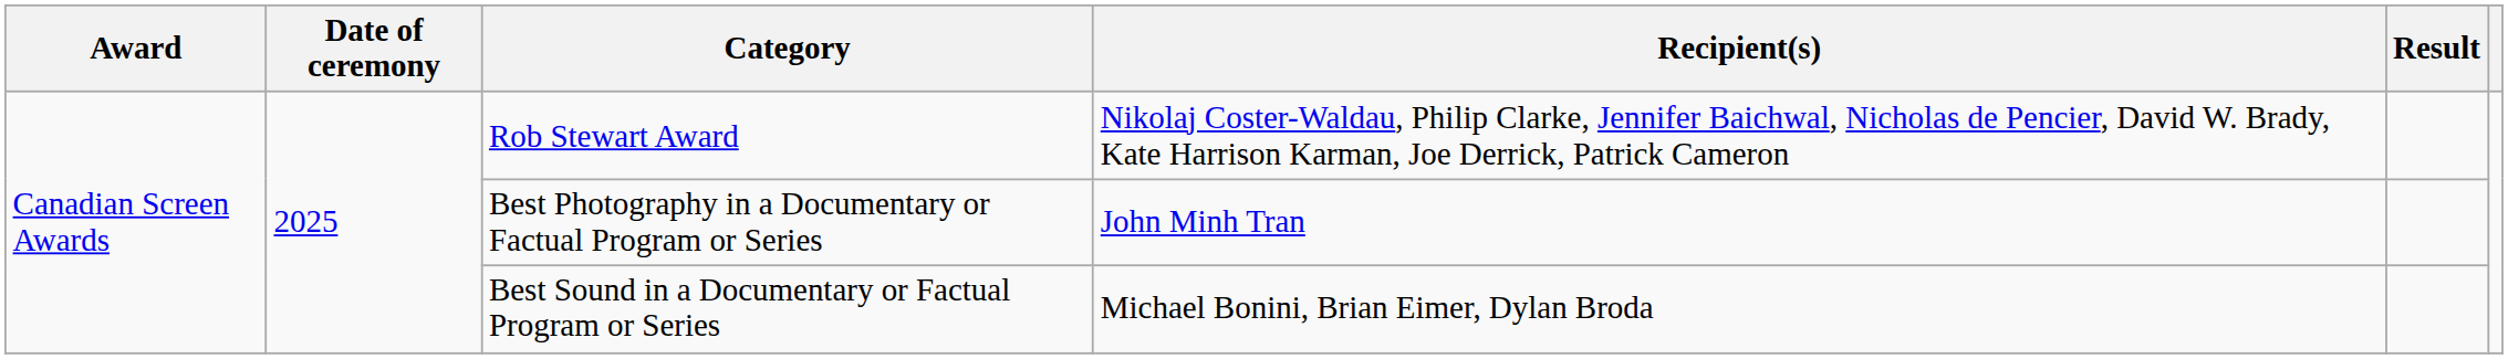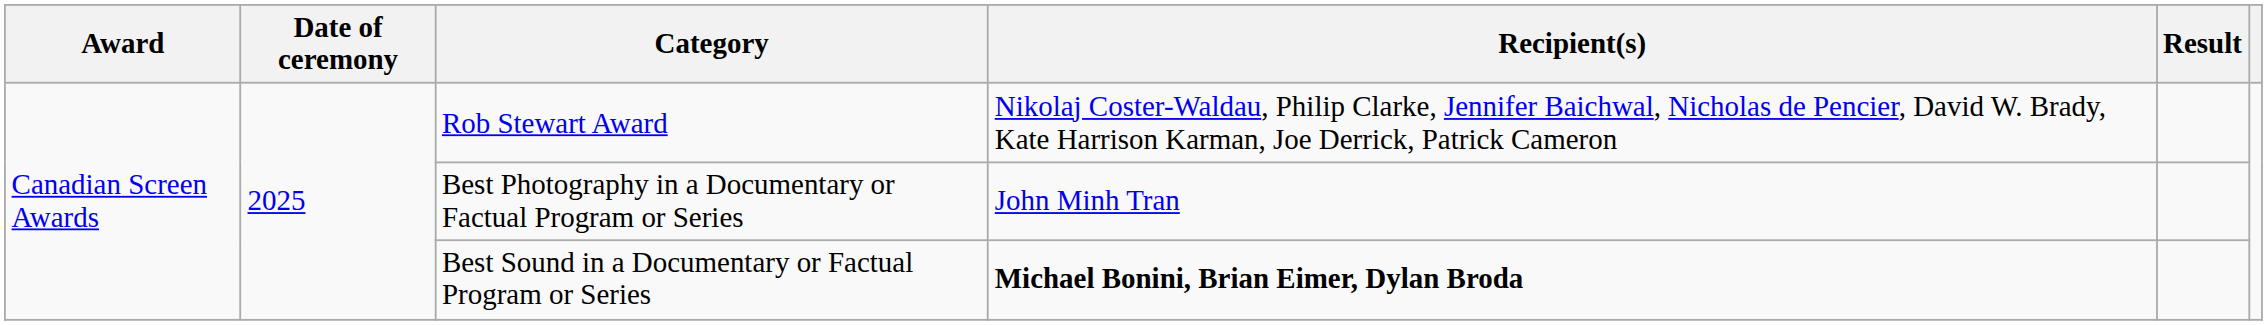 <table class="wikitable sortable plainrowheaders">
 <tr>
 <th scope="col">Award</th>
 <th scope="col">Date of ceremony</th>
 <th scope="col">Category</th>
 <th scope="col">Recipient(s)</th>
 <th scope="col">Result</th>
 <th scope="col" class="unsortable"></th>
 </tr>
 <tr>
 <td rowspan=3><a href='#'>Canadian Screen Awards</a></td>
 <td rowspan=3><a href='#'>2025</a></td>
 <td><a href='#'>Rob Stewart Award</a></td>
 <td><a href='#'>Nikolaj Coster-Waldau</a>, Philip Clarke, <a href='#'>Jennifer Baichwal</a>, <a href='#'>Nicholas de Pencier</a>, David W. Brady, Kate Harrison Karman, Joe Derrick, Patrick Cameron</td>
 <td></td>
 <td rowspan=3></td>
 </tr>
 <tr>
 <td>Best Photography in a Documentary or Factual Program or Series</td>
 <td><a href='#'>John Minh Tran</a></td>
 <td></td>
 </tr>
 <tr>
 <td>Best Sound in a Documentary or Factual Program or Series</td>
-<td>Michael Bonini, Brian Eimer, Dylan Broda</td>
+<td><strong>Michael Bonini, Brian Eimer, Dylan Broda</strong></td>
 <td></td>
 </tr>
 </table>
